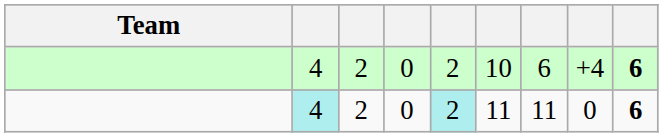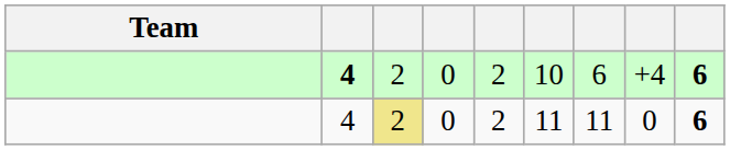 <table class="wikitable" style="text-align: center;">
 <tr>
 <th width=165>Team</th>
 <th width=20></th>
 <th width=20></th>
 <th width=20></th>
 <th width=20></th>
 <th width=20></th>
 <th width=20></th>
 <th width=20></th>
 <th width=20></th>
 </tr>
 <tr bgcolor=#ccffcc>
 <td style="text-align:left;"></td>
-<td>4</td>
+<td><strong>4</strong></td>
 <td>2</td>
 <td>0</td>
 <td>2</td>
 <td>10</td>
 <td>6</td>
 <td>+4</td>
 <td><strong>6</strong></td>
 </tr>
 <tr>
 <td style="text-align:left;"></td>
-<td style="background: paleturquoise;">4</td>
+<td>4</td>
+<td style="background: khaki;">2</td>
+<td>0</td>
 <td>2</td>
-<td>0</td>
-<td style="background: paleturquoise;">2</td>
 <td>11</td>
 <td>11</td>
 <td>0</td>
 <td><strong>6</strong></td>
 </tr>
 </table>
